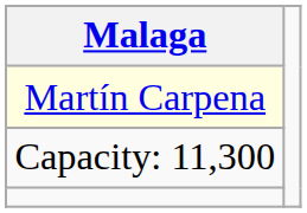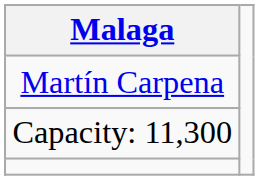 <table class="wikitable" style="text-align:center">
 <tr>
 <th><a href='#'>Malaga</a></th>
 <td rowspan=4></td>
 </tr>
 <tr>
-<td style="background: lightyellow;"><a href='#'>Martín Carpena</a></td>
+<td><a href='#'>Martín Carpena</a></td>
 </tr>
 <tr>
 <td>Capacity: 11,300</td>
 </tr>
 <tr>
 <td></td>
 </tr>
 </table>
